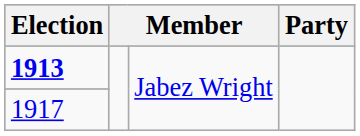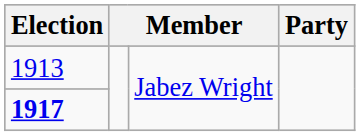 <table class="wikitable" style='border-style: none none none none;'>
 <tr>
 <th>Election</th>
 <th colspan="2">Member</th>
 <th>Party</th>
 </tr>
 <tr>
-<td><strong><a href='#'>1913</a></strong></td>
+<td><a href='#'>1913</a></td>
 <td rowspan="2" > </td>
 <td rowspan="2"><a href='#'>Jabez Wright</a></td>
 <td rowspan="2"></td>
 </tr>
 <tr>
-<td><a href='#'>1917</a></td>
+<td><strong><a href='#'>1917</a></strong></td>
 </tr>
 </table>
